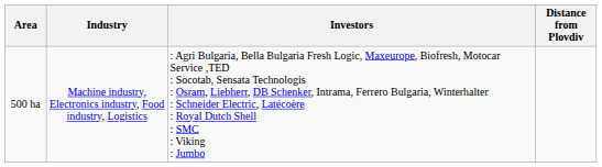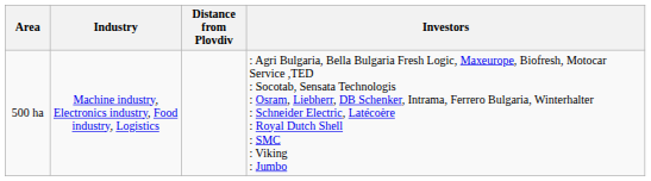 <table class="wikitable" style="text-align:center">
 <tr>
 <th width="70">Area</th>
 <th width="250">Industry</th>
+<th width="100">Distance from Plovdiv</th>
 <th width="900">Investors</th>
-<th width="100">Distance from Plovdiv</th>
 </tr>
 <tr>
 <td>500 ha</td>
 <td><a href='#'>Machine industry</a>, <a href='#'>Electronics industry</a>, <a href='#'>Food industry</a>, <a href='#'>Logistics</a></td>
+<td></td>
 <td style="text-align: left;">: Agri Bulgaria, Bella Bulgaria Fresh Logic, <a href='#'>Maxeurope</a>, Biofresh, Motocar Service ,TED<br>: Socotab, Sensata Technologis<br> : <a href='#'>Osram</a>, <a href='#'>Liebherr</a>, <a href='#'>DB Schenker</a>, Intrama, Ferrero Bulgaria, Winterhalter<br> : <a href='#'>Schneider Electric</a>, <a href='#'>Latécoère</a><br> : <a href='#'>Royal Dutch Shell</a><br> : <a href='#'>SMC</a><br> : Viking<br> : <a href='#'>Jumbo</a></td>
-<td></td>
 </tr>
 </table>
